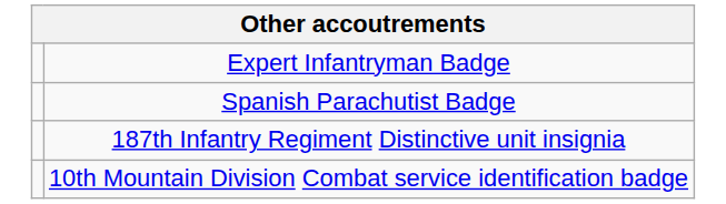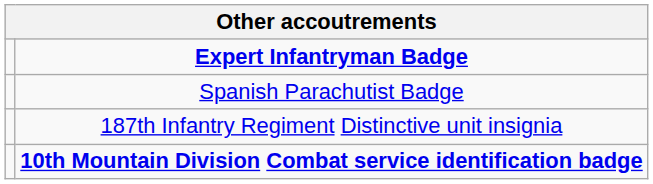 <table class="wikitable" style="margin:1em auto; text-align:center;">
 <tr>
 <th colspan="12"><strong>Other accoutrements</strong></th>
 </tr>
 <tr>
 <td></td>
-<td><a href='#'>Expert Infantryman Badge</a></td>
+<td><strong><a href='#'>Expert Infantryman Badge</a></strong></td>
 </tr>
 <tr>
 <td></td>
 <td><a href='#'>Spanish Parachutist Badge</a></td>
 </tr>
 <tr>
 <td></td>
 <td><a href='#'>187th Infantry Regiment</a> <a href='#'>Distinctive unit insignia</a></td>
 </tr>
 <tr>
 <td></td>
-<td><a href='#'>10th Mountain Division</a> <a href='#'>Combat service identification badge</a></td>
+<td><strong><a href='#'>10th Mountain Division</a> <a href='#'>Combat service identification badge</a></strong></td>
 </tr>
 </table>
